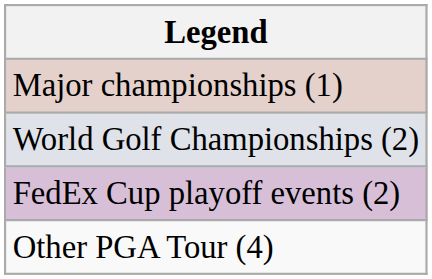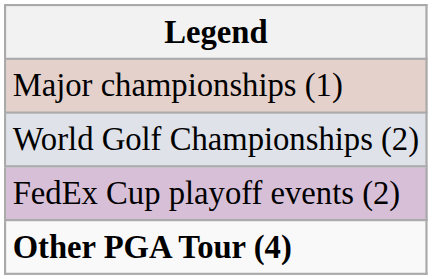 <table class="wikitable" style="font-size:95%;">
 <tr>
 <th>Legend</th>
 </tr>
 <tr style="background:#e5d1cb;">
 <td>Major championships (1)</td>
 </tr>
 <tr style="background:#dfe2e9;">
 <td>World Golf Championships (2)</td>
 </tr>
 <tr style="background:thistle;">
 <td>FedEx Cup playoff events (2)</td>
 </tr>
 <tr>
-<td>Other PGA Tour (4)</td>
+<td><strong>Other PGA Tour (4)</strong></td>
 </tr>
 </table>
